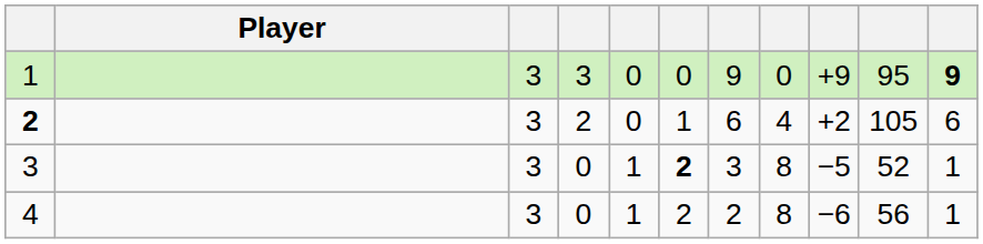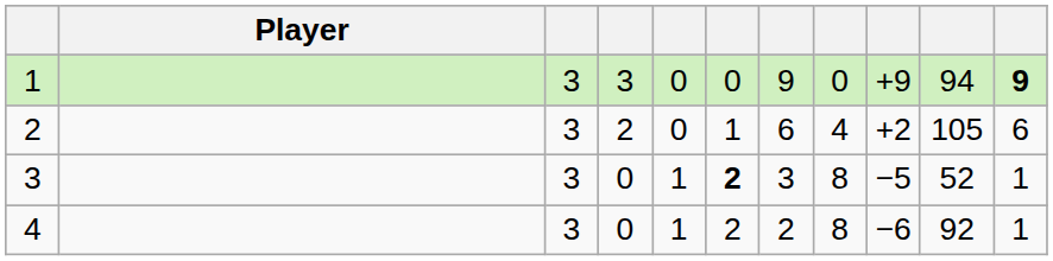 <table class="wikitable" style="text-align:center; margin: 1em auto 1em auto, align:left">
 <tr>
 <th width=20></th>
 <th width=240>Player</th>
 <th width=20></th>
 <th width=20></th>
 <th width=20></th>
 <th width=20></th>
 <th width=20></th>
 <th width=20></th>
 <th width=20></th>
 <th width=30></th>
 <th width=20></th>
 </tr>
 <tr style="background:#D0F0C0;">
 <td>1</td>
 <td align=left></td>
 <td>3</td>
 <td>3</td>
 <td>0</td>
 <td>0</td>
 <td>9</td>
 <td>0</td>
 <td>+9</td>
-<td>95</td>
+<td>94</td>
 <td><strong>9</strong></td>
 </tr>
 <tr style=>
-<td><strong>2</strong></td>
+<td>2</td>
 <td align=left></td>
 <td>3</td>
 <td>2</td>
 <td>0</td>
 <td>1</td>
 <td>6</td>
 <td>4</td>
 <td>+2</td>
 <td>105</td>
 <td>6</td>
 </tr>
 <tr style=>
 <td>3</td>
 <td align=left></td>
 <td>3</td>
 <td>0</td>
 <td>1</td>
 <td><strong>2</strong></td>
 <td>3</td>
 <td>8</td>
 <td>−5</td>
 <td>52</td>
 <td>1</td>
 </tr>
 <tr style=>
 <td>4</td>
 <td align=left></td>
 <td>3</td>
 <td>0</td>
 <td>1</td>
 <td>2</td>
 <td>2</td>
 <td>8</td>
 <td>−6</td>
-<td>56</td>
+<td>92</td>
 <td>1</td>
 </tr>
 </table>
